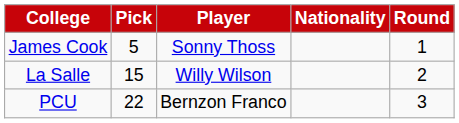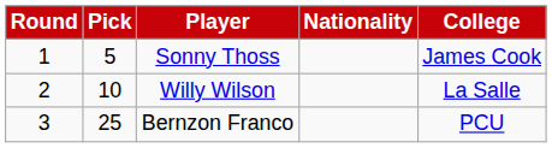 <table class="wikitable sortable sortable">
 <tr>
-<th style="background:#C70309; color:#FFFFFF; ">College</th>
+<th style="background:#C70309; color:#FFFFFF; ">Round</th>
 <th style="background:#C70309; color:#FFFFFF; ">Pick</th>
 <th style="background:#C70309; color:#FFFFFF; ">Player</th>
 <th style="background:#C70309; color:#FFFFFF; ">Nationality</th>
-<th style="background:#C70309; color:#FFFFFF; ">Round</th>
+<th style="background:#C70309; color:#FFFFFF; ">College</th>
 </tr>
 <tr style="text-align: center">
-<td><a href='#'>James Cook</a></td>
+<td>1</td>
 <td>5</td>
 <td><a href='#'>Sonny Thoss</a></td>
 <td></td>
-<td>1</td>
+<td><a href='#'>James Cook</a></td>
 </tr>
 <tr style="text-align: center">
-<td><a href='#'>La Salle</a></td>
-<td>15</td>
+<td>2</td>
+<td>10</td>
 <td><a href='#'>Willy Wilson</a></td>
 <td></td>
-<td>2</td>
+<td><a href='#'>La Salle</a></td>
 </tr>
 <tr style="text-align: center">
-<td><a href='#'>PCU</a></td>
-<td>22</td>
+<td>3</td>
+<td>25</td>
 <td>Bernzon Franco</td>
 <td></td>
-<td>3</td>
+<td><a href='#'>PCU</a></td>
 </tr>
 </table>
